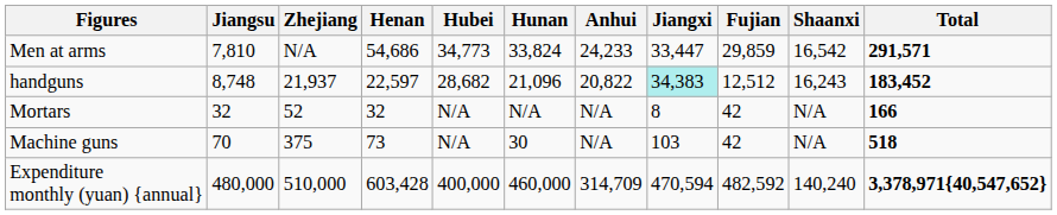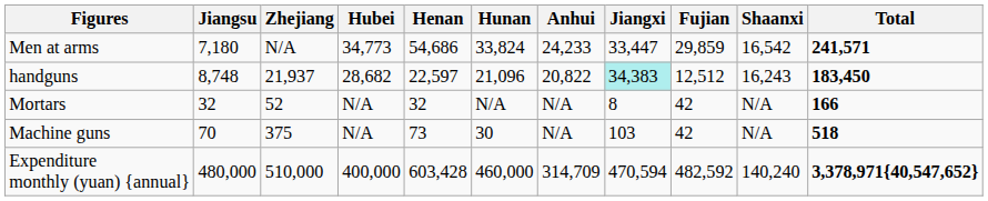 <table class="wikitable">
 <tr>
 <th>Figures</th>
 <th>Jiangsu</th>
 <th>Zhejiang</th>
+<th>Hubei</th>
 <th>Henan</th>
-<th>Hubei</th>
 <th>Hunan</th>
 <th>Anhui</th>
 <th>Jiangxi</th>
 <th>Fujian</th>
 <th>Shaanxi</th>
 <th>Total</th>
 </tr>
 <tr>
 <td>Men at arms</td>
-<td>7,810</td>
+<td>7,180</td>
 <td>N/A</td>
+<td>34,773</td>
 <td>54,686</td>
-<td>34,773</td>
 <td>33,824</td>
 <td>24,233</td>
 <td>33,447</td>
 <td>29,859</td>
 <td>16,542</td>
-<td><strong>291,571</strong></td>
+<td><strong>241,571</strong></td>
 </tr>
 <tr>
 <td>handguns</td>
 <td>8,748</td>
 <td>21,937</td>
+<td>28,682</td>
 <td>22,597</td>
-<td>28,682</td>
 <td>21,096</td>
 <td>20,822</td>
 <td style="background: paleturquoise;">34,383</td>
 <td>12,512</td>
 <td>16,243</td>
-<td><strong>183,452</strong></td>
+<td><strong>183,450</strong></td>
 </tr>
 <tr>
 <td>Mortars</td>
 <td>32</td>
 <td>52</td>
+<td>N/A</td>
 <td>32</td>
-<td>N/A</td>
 <td>N/A</td>
 <td>N/A</td>
 <td>8</td>
 <td>42</td>
 <td>N/A</td>
 <td><strong>166</strong></td>
 </tr>
 <tr>
 <td>Machine guns</td>
 <td>70</td>
 <td>375</td>
+<td>N/A</td>
 <td>73</td>
-<td>N/A</td>
 <td>30</td>
 <td>N/A</td>
 <td>103</td>
 <td>42</td>
 <td>N/A</td>
 <td><strong>518</strong></td>
 </tr>
 <tr>
 <td>Expenditure<br>monthly (yuan) {annual}</td>
 <td>480,000</td>
 <td>510,000</td>
+<td>400,000</td>
 <td>603,428</td>
-<td>400,000</td>
 <td>460,000</td>
 <td>314,709</td>
 <td>470,594</td>
 <td>482,592</td>
 <td>140,240</td>
 <td><strong>3,378,971{40,547,652}</strong></td>
 </tr>
 </table>
